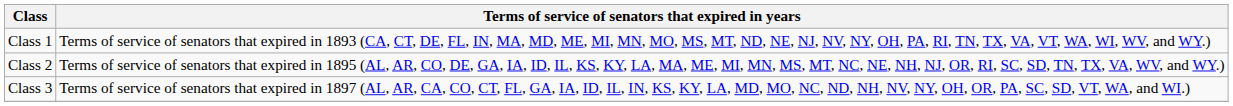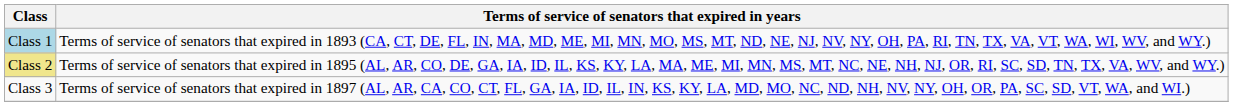 <table class="wikitable sortable">
 <tr valign=bottom>
 <th>Class</th>
 <th>Terms of service of senators that expired in years</th>
 </tr>
 <tr>
-<td>Class 1</td>
+<td style="background: lightblue;">Class 1</td>
 <td>Terms of service of senators that expired in 1893 (<a href='#'>CA</a>, <a href='#'>CT</a>, <a href='#'>DE</a>, <a href='#'>FL</a>, <a href='#'>IN</a>, <a href='#'>MA</a>, <a href='#'>MD</a>, <a href='#'>ME</a>, <a href='#'>MI</a>, <a href='#'>MN</a>, <a href='#'>MO</a>, <a href='#'>MS</a>, <a href='#'>MT</a>, <a href='#'>ND</a>, <a href='#'>NE</a>, <a href='#'>NJ</a>, <a href='#'>NV</a>, <a href='#'>NY</a>, <a href='#'>OH</a>, <a href='#'>PA</a>, <a href='#'>RI</a>, <a href='#'>TN</a>, <a href='#'>TX</a>, <a href='#'>VA</a>, <a href='#'>VT</a>, <a href='#'>WA</a>, <a href='#'>WI</a>, <a href='#'>WV</a>, and <a href='#'>WY</a>.)</td>
 </tr>
 <tr>
-<td>Class 2</td>
+<td style="background: khaki;">Class 2</td>
 <td>Terms of service of senators that expired in 1895 (<a href='#'>AL</a>, <a href='#'>AR</a>, <a href='#'>CO</a>, <a href='#'>DE</a>, <a href='#'>GA</a>, <a href='#'>IA</a>, <a href='#'>ID</a>, <a href='#'>IL</a>, <a href='#'>KS</a>, <a href='#'>KY</a>, <a href='#'>LA</a>, <a href='#'>MA</a>, <a href='#'>ME</a>, <a href='#'>MI</a>, <a href='#'>MN</a>, <a href='#'>MS</a>, <a href='#'>MT</a>, <a href='#'>NC</a>, <a href='#'>NE</a>, <a href='#'>NH</a>, <a href='#'>NJ</a>, <a href='#'>OR</a>, <a href='#'>RI</a>, <a href='#'>SC</a>, <a href='#'>SD</a>, <a href='#'>TN</a>, <a href='#'>TX</a>, <a href='#'>VA</a>, <a href='#'>WV</a>, and <a href='#'>WY</a>.)</td>
 </tr>
 <tr>
 <td>Class 3</td>
 <td>Terms of service of senators that expired in 1897 (<a href='#'>AL</a>, <a href='#'>AR</a>, <a href='#'>CA</a>, <a href='#'>CO</a>, <a href='#'>CT</a>, <a href='#'>FL</a>, <a href='#'>GA</a>, <a href='#'>IA</a>, <a href='#'>ID</a>, <a href='#'>IL</a>, <a href='#'>IN</a>, <a href='#'>KS</a>, <a href='#'>KY</a>, <a href='#'>LA</a>, <a href='#'>MD</a>, <a href='#'>MO</a>, <a href='#'>NC</a>, <a href='#'>ND</a>, <a href='#'>NH</a>, <a href='#'>NV</a>, <a href='#'>NY</a>, <a href='#'>OH</a>, <a href='#'>OR</a>, <a href='#'>PA</a>, <a href='#'>SC</a>, <a href='#'>SD</a>, <a href='#'>VT</a>, <a href='#'>WA</a>, and <a href='#'>WI</a>.)</td>
 </tr>
 <tr>
 </tr>
 </table>
